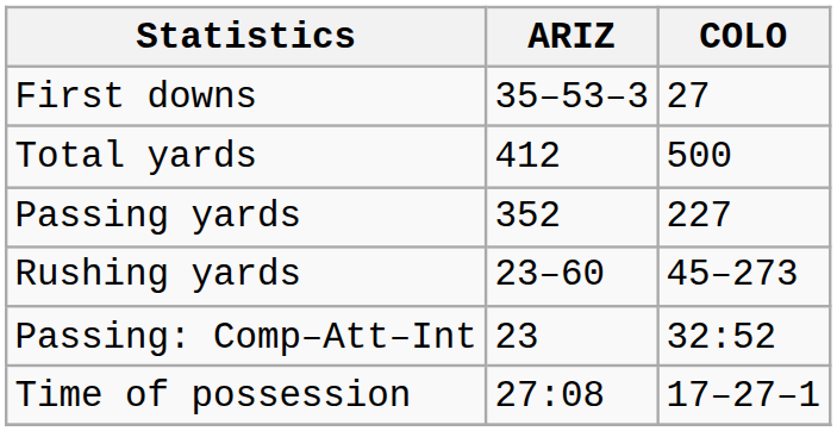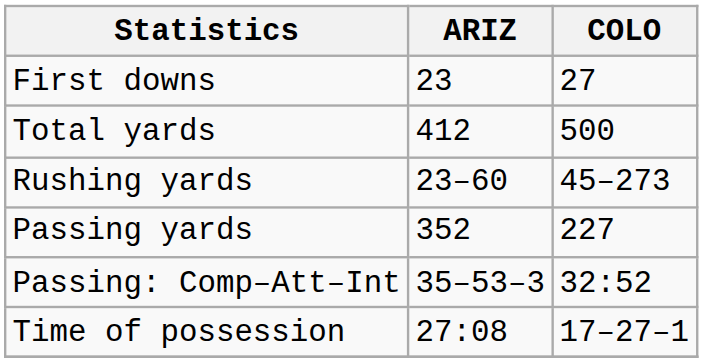 <table class="wikitable" style="float: left;">
 <tr>
 <th>Statistics</th>
 <th>ARIZ</th>
 <th>COLO</th>
 </tr>
 <tr>
 <td>First downs</td>
-<td>35–53–3</td>
+<td>23</td>
 <td>27</td>
 </tr>
 <tr>
 <td>Total yards</td>
 <td>412</td>
 <td>500</td>
 </tr>
 <tr>
+<td>Rushing yards</td>
+<td>23–60</td>
+<td>45–273</td>
+</tr>
+<tr>
 <td>Passing yards</td>
 <td>352</td>
 <td>227</td>
 </tr>
 <tr>
-<td>Rushing yards</td>
-<td>23–60</td>
-<td>45–273</td>
-</tr>
-<tr>
 <td>Passing: Comp–Att–Int</td>
-<td>23</td>
+<td>35–53–3</td>
 <td>32:52</td>
 </tr>
 <tr>
 <td>Time of possession</td>
 <td>27:08</td>
 <td>17–27–1</td>
 </tr>
 <tr>
 </tr>
 </table>
